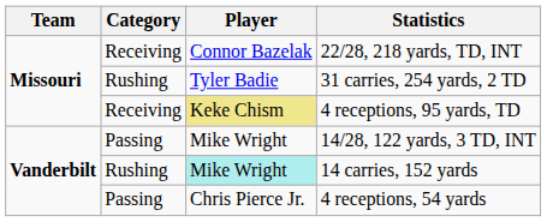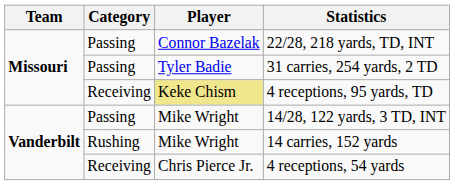 <table class="wikitable" style="float: right;">
 <tr>
 <th>Team</th>
 <th>Category</th>
 <th>Player</th>
 <th>Statistics</th>
 </tr>
 <tr>
 <td rowspan=3><strong>Missouri</strong></td>
-<td>Receiving</td>
+<td>Passing</td>
 <td><a href='#'>Connor Bazelak</a></td>
 <td>22/28, 218 yards, TD, INT</td>
 </tr>
 <tr>
-<td>Rushing</td>
+<td>Passing</td>
 <td><a href='#'>Tyler Badie</a></td>
 <td>31 carries, 254 yards, 2 TD</td>
 </tr>
 <tr>
 <td>Receiving</td>
 <td style="background: khaki;">Keke Chism</td>
 <td>4 receptions, 95 yards, TD</td>
 </tr>
 <tr>
 <td rowspan=3><strong>Vanderbilt</strong></td>
 <td>Passing</td>
 <td>Mike Wright</td>
 <td>14/28, 122 yards, 3 TD, INT</td>
 </tr>
 <tr>
 <td>Rushing</td>
-<td style="background: paleturquoise;">Mike Wright</td>
+<td>Mike Wright</td>
 <td>14 carries, 152 yards</td>
 </tr>
 <tr>
-<td>Passing</td>
+<td>Receiving</td>
 <td>Chris Pierce Jr.</td>
 <td>4 receptions, 54 yards</td>
 </tr>
 </table>
